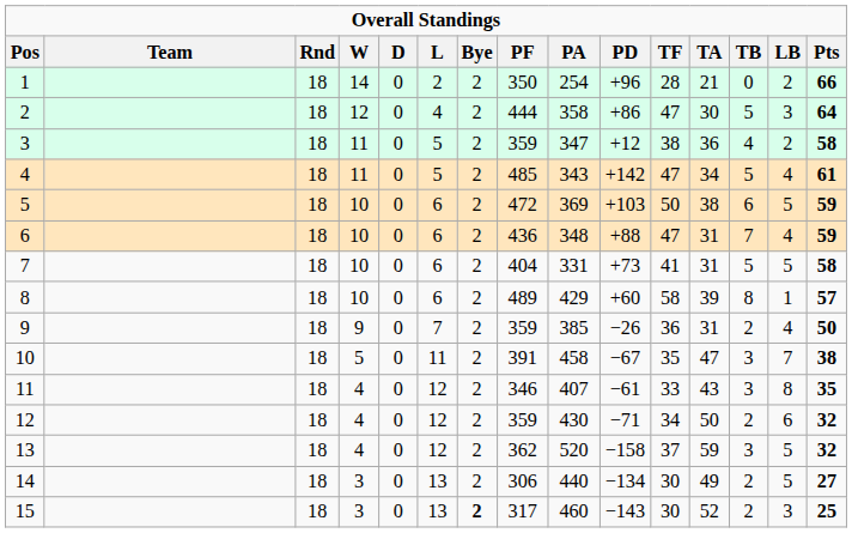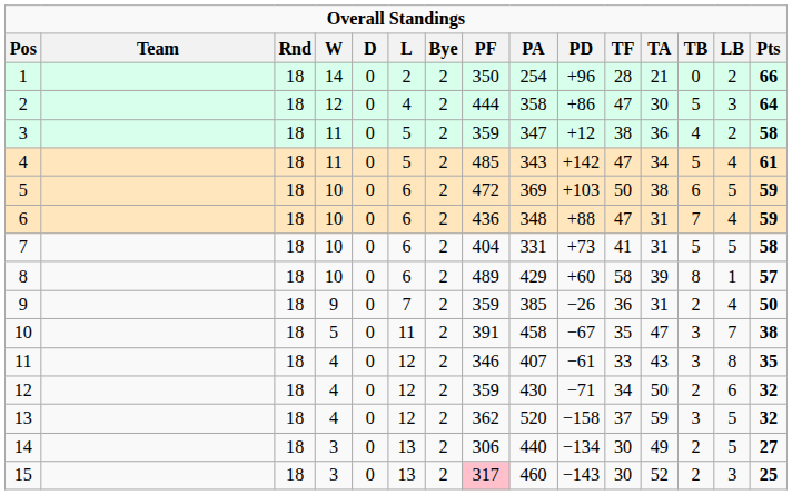 <table class="wikitable" style="float:left; margin-right:15px; text-align: center;">
 <tr>
 <td colspan=15><div><strong>Overall Standings</strong></div></td>
 </tr>
 <tr>
 <th style="width:25px;">Pos</th>
 <th style="width:200px;">Team</th>
 <th style="width:25px;">Rnd</th>
 <th style="width:25px;">W</th>
 <th style="width:25px;">D</th>
 <th style="width:25px;">L</th>
 <th style="width:25px;">Bye</th>
 <th style="width:35px;">PF</th>
 <th style="width:35px;">PA</th>
 <th style="width:35px;">PD</th>
 <th style="width:25px;">TF</th>
 <th style="width:25px;">TA</th>
 <th style="width:25px;">TB</th>
 <th style="width:25px;">LB</th>
 <th style="width:25px;">Pts<br></th>
 </tr>
 <tr style="background:#d8ffeb; text-align:center;">
 <td>1</td>
 <td align=left></td>
 <td>18</td>
 <td>14</td>
 <td>0</td>
 <td>2</td>
 <td>2</td>
 <td>350</td>
 <td>254</td>
 <td>+96</td>
 <td>28</td>
 <td>21</td>
 <td>0</td>
 <td>2</td>
 <td><strong>66</strong></td>
 </tr>
 <tr style="background:#d8ffeb; text-align:center;">
 <td>2</td>
 <td align=left></td>
 <td>18</td>
 <td>12</td>
 <td>0</td>
 <td>4</td>
 <td>2</td>
 <td>444</td>
 <td>358</td>
 <td>+86</td>
 <td>47</td>
 <td>30</td>
 <td>5</td>
 <td>3</td>
 <td><strong>64</strong></td>
 </tr>
 <tr style="background:#d8ffeb; text-align:center;">
 <td>3</td>
 <td align=left></td>
 <td>18</td>
 <td>11</td>
 <td>0</td>
 <td>5</td>
 <td>2</td>
 <td>359</td>
 <td>347</td>
 <td>+12</td>
 <td>38</td>
 <td>36</td>
 <td>4</td>
 <td>2</td>
 <td><strong>58</strong></td>
 </tr>
 <tr style="background:#ffe6bd;">
 <td>4</td>
 <td align=left></td>
 <td>18</td>
 <td>11</td>
 <td>0</td>
 <td>5</td>
 <td>2</td>
 <td>485</td>
 <td>343</td>
 <td>+142</td>
 <td>47</td>
 <td>34</td>
 <td>5</td>
 <td>4</td>
 <td><strong>61</strong></td>
 </tr>
 <tr style="background:#ffe6bd;">
 <td>5</td>
 <td align=left></td>
 <td>18</td>
 <td>10</td>
 <td>0</td>
 <td>6</td>
 <td>2</td>
 <td>472</td>
 <td>369</td>
 <td>+103</td>
 <td>50</td>
 <td>38</td>
 <td>6</td>
 <td>5</td>
 <td><strong>59</strong></td>
 </tr>
 <tr style="background:#ffe6bd;">
 <td>6</td>
 <td align=left></td>
 <td>18</td>
 <td>10</td>
 <td>0</td>
 <td>6</td>
 <td>2</td>
 <td>436</td>
 <td>348</td>
 <td>+88</td>
 <td>47</td>
 <td>31</td>
 <td>7</td>
 <td>4</td>
 <td><strong>59</strong></td>
 </tr>
 <tr>
 <td>7</td>
 <td align=left></td>
 <td>18</td>
 <td>10</td>
 <td>0</td>
 <td>6</td>
 <td>2</td>
 <td>404</td>
 <td>331</td>
 <td>+73</td>
 <td>41</td>
 <td>31</td>
 <td>5</td>
 <td>5</td>
 <td><strong>58</strong></td>
 </tr>
 <tr>
 <td>8</td>
 <td align=left></td>
 <td>18</td>
 <td>10</td>
 <td>0</td>
 <td>6</td>
 <td>2</td>
 <td>489</td>
 <td>429</td>
 <td>+60</td>
 <td>58</td>
 <td>39</td>
 <td>8</td>
 <td>1</td>
 <td><strong>57</strong></td>
 </tr>
 <tr>
 <td>9</td>
 <td align=left></td>
 <td>18</td>
 <td>9</td>
 <td>0</td>
 <td>7</td>
 <td>2</td>
 <td>359</td>
 <td>385</td>
 <td>−26</td>
 <td>36</td>
 <td>31</td>
 <td>2</td>
 <td>4</td>
 <td><strong>50</strong></td>
 </tr>
 <tr>
 <td>10</td>
 <td align=left></td>
 <td>18</td>
 <td>5</td>
 <td>0</td>
 <td>11</td>
 <td>2</td>
 <td>391</td>
 <td>458</td>
 <td>−67</td>
 <td>35</td>
 <td>47</td>
 <td>3</td>
 <td>7</td>
 <td><strong>38</strong></td>
 </tr>
 <tr>
 <td>11</td>
 <td align=left></td>
 <td>18</td>
 <td>4</td>
 <td>0</td>
 <td>12</td>
 <td>2</td>
 <td>346</td>
 <td>407</td>
 <td>−61</td>
 <td>33</td>
 <td>43</td>
 <td>3</td>
 <td>8</td>
 <td><strong>35</strong></td>
 </tr>
 <tr>
 <td>12</td>
 <td align=left><strong></strong></td>
 <td>18</td>
 <td>4</td>
 <td>0</td>
 <td>12</td>
 <td>2</td>
 <td>359</td>
 <td>430</td>
 <td>−71</td>
 <td>34</td>
 <td>50</td>
 <td>2</td>
 <td>6</td>
 <td><strong>32</strong></td>
 </tr>
 <tr>
 <td>13</td>
 <td align=left></td>
 <td>18</td>
 <td>4</td>
 <td>0</td>
 <td>12</td>
 <td>2</td>
 <td>362</td>
 <td>520</td>
 <td>−158</td>
 <td>37</td>
 <td>59</td>
 <td>3</td>
 <td>5</td>
 <td><strong>32</strong></td>
 </tr>
 <tr>
 <td>14</td>
 <td align=left></td>
 <td>18</td>
 <td>3</td>
 <td>0</td>
 <td>13</td>
 <td>2</td>
 <td>306</td>
 <td>440</td>
 <td>−134</td>
 <td>30</td>
 <td>49</td>
 <td>2</td>
 <td>5</td>
 <td><strong>27</strong></td>
 </tr>
 <tr>
 <td>15</td>
 <td align=left></td>
 <td>18</td>
 <td>3</td>
 <td>0</td>
 <td>13</td>
-<td><strong>2</strong></td>
-<td>317</td>
+<td>2</td>
+<td style="background: pink;">317</td>
 <td>460</td>
 <td>−143</td>
 <td>30</td>
 <td>52</td>
 <td>2</td>
 <td>3</td>
 <td><strong>25</strong></td>
 </tr>
 </table>
